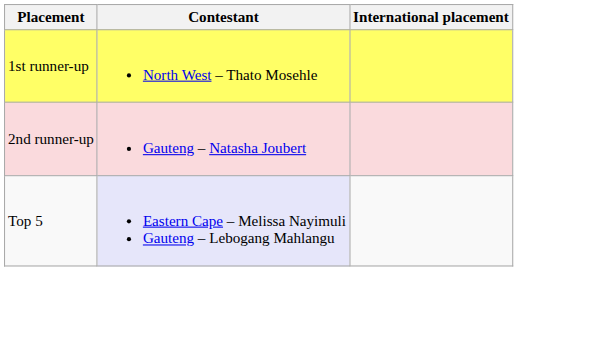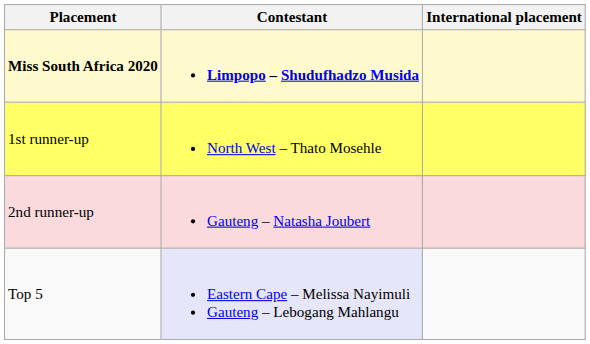 <table class="wikitable sortable" style="font-size: 90%;">
 <tr>
 <th>Placement</th>
 <th>Contestant</th>
 <th>International placement</th>
+</tr>
+<tr style="background:#FFFACD;">
+<td><strong>Miss South Africa 2020</strong></td>
+<td><br><ul><li><strong><a href='#'>Limpopo</a> – <a href='#'>Shudufhadzo Musida</a></strong></li></ul></td>
+<td></td>
 </tr>
 <tr style="background:#FFFF66;">
 <td>1st runner-up</td>
 <td><br><ul><li><a href='#'>North West</a> – Thato Mosehle</li></ul></td>
 <td></td>
 </tr>
 <tr style="background:#fadadd;">
 <td>2nd runner-up</td>
 <td><br><ul><li><a href='#'>Gauteng</a> – <a href='#'>Natasha Joubert</a></li></ul></td>
 <td></td>
 </tr>
 <tr>
 <td>Top 5</td>
 <td style="background: lavender;"><br><ul><li><a href='#'>Eastern Cape</a> – Melissa Nayimuli</li><li><a href='#'>Gauteng</a> – Lebogang Mahlangu</li></ul></td>
 </tr>
 </table>
